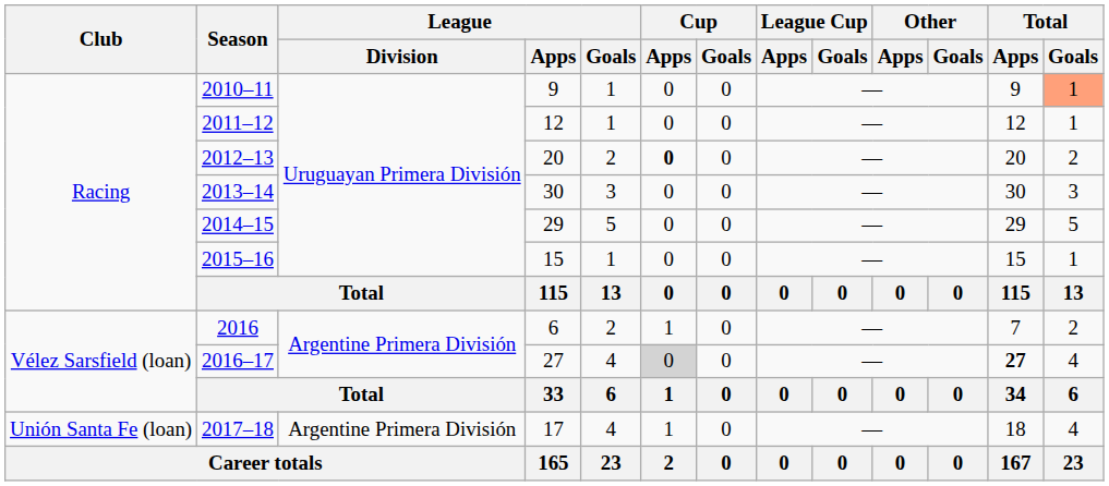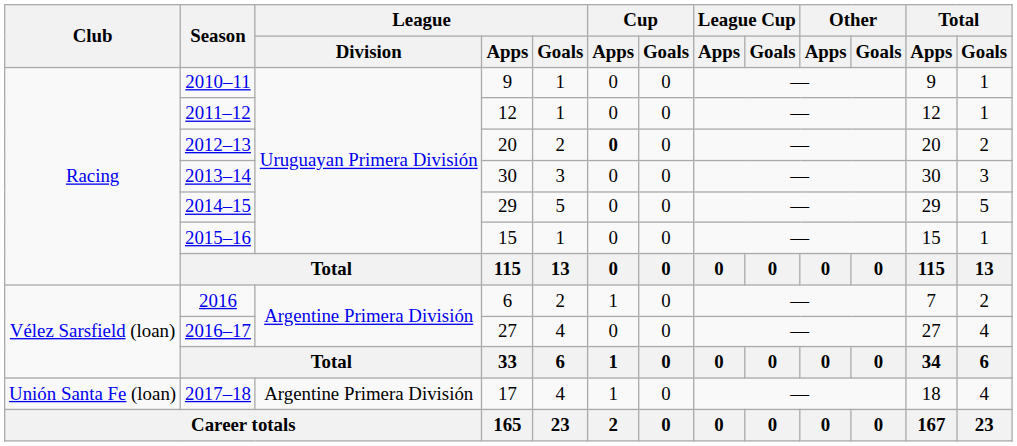 <table class="wikitable" style="font-size:90%; text-align: center">
 <tr>
 <th rowspan=2>Club</th>
 <th rowspan=2>Season</th>
 <th colspan=3>League</th>
 <th colspan=2>Cup</th>
 <th colspan=2>League Cup</th>
 <th colspan=2>Other</th>
 <th colspan=2>Total</th>
 </tr>
 <tr>
 <th>Division</th>
 <th>Apps</th>
 <th>Goals</th>
 <th>Apps</th>
 <th>Goals</th>
 <th>Apps</th>
 <th>Goals</th>
 <th>Apps</th>
 <th>Goals</th>
 <th>Apps</th>
 <th>Goals</th>
 </tr>
 <tr>
 <td rowspan=7><a href='#'>Racing</a></td>
 <td><a href='#'>2010–11</a></td>
 <td rowspan=6><a href='#'>Uruguayan Primera División</a></td>
 <td>9</td>
 <td>1</td>
 <td>0</td>
 <td>0</td>
 <td colspan=4>—</td>
 <td>9</td>
-<td style="background: lightsalmon;">1</td>
+<td>1</td>
 </tr>
 <tr>
 <td><a href='#'>2011–12</a></td>
 <td>12</td>
 <td>1</td>
 <td>0</td>
 <td>0</td>
 <td colspan=4>—</td>
 <td>12</td>
 <td>1</td>
 </tr>
 <tr>
 <td><a href='#'>2012–13</a></td>
 <td>20</td>
 <td>2</td>
 <td><strong>0</strong></td>
 <td>0</td>
 <td colspan=4>—</td>
 <td>20</td>
 <td>2</td>
 </tr>
 <tr>
 <td><a href='#'>2013–14</a></td>
 <td>30</td>
 <td>3</td>
 <td>0</td>
 <td>0</td>
 <td colspan=4>—</td>
 <td>30</td>
 <td>3</td>
 </tr>
 <tr>
 <td><a href='#'>2014–15</a></td>
 <td>29</td>
 <td>5</td>
 <td>0</td>
 <td>0</td>
 <td colspan=4>—</td>
 <td>29</td>
 <td>5</td>
 </tr>
 <tr>
 <td><a href='#'>2015–16</a></td>
 <td>15</td>
 <td>1</td>
 <td>0</td>
 <td>0</td>
 <td colspan=4>—</td>
 <td>15</td>
 <td>1</td>
 </tr>
 <tr>
 <th colspan=2>Total</th>
 <th>115</th>
 <th>13</th>
 <th>0</th>
 <th>0</th>
 <th>0</th>
 <th>0</th>
 <th>0</th>
 <th>0</th>
 <th>115</th>
 <th>13</th>
 </tr>
 <tr>
 <td rowspan=3><a href='#'>Vélez Sarsfield</a> (loan)</td>
 <td><a href='#'>2016</a></td>
 <td rowspan=2><a href='#'>Argentine Primera División</a></td>
 <td>6</td>
 <td>2</td>
 <td>1</td>
 <td>0</td>
 <td colspan=4>—</td>
 <td>7</td>
 <td>2</td>
 </tr>
 <tr>
 <td><a href='#'>2016–17</a></td>
 <td>27</td>
 <td>4</td>
-<td style="background: lightgrey;">0</td>
+<td>0</td>
 <td>0</td>
 <td colspan=4>—</td>
-<td><strong>27</strong></td>
+<td>27</td>
 <td>4</td>
 </tr>
 <tr>
 <th colspan=2>Total</th>
 <th>33</th>
 <th>6</th>
 <th>1</th>
 <th>0</th>
 <th>0</th>
 <th>0</th>
 <th>0</th>
 <th>0</th>
 <th>34</th>
 <th>6</th>
 </tr>
 <tr>
 <td><a href='#'>Unión Santa Fe</a> (loan)</td>
 <td><a href='#'>2017–18</a></td>
 <td>Argentine Primera División</td>
 <td>17</td>
 <td>4</td>
 <td>1</td>
 <td>0</td>
 <td colspan=4>—</td>
 <td>18</td>
 <td>4</td>
 </tr>
 <tr>
 <th colspan=3>Career totals</th>
 <th>165</th>
 <th>23</th>
 <th>2</th>
 <th>0</th>
 <th>0</th>
 <th>0</th>
 <th>0</th>
 <th>0</th>
 <th>167</th>
 <th>23</th>
 </tr>
 </table>
